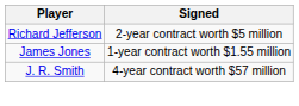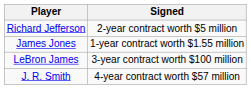 <table class="wikitable sortable sortable">
 <tr>
 <th>Player</th>
 <th>Signed</th>
 </tr>
 <tr style="text-align: center">
 <td><a href='#'>Richard Jefferson</a></td>
 <td>2-year contract worth $5 million</td>
 </tr>
 <tr style="text-align: center">
 <td><a href='#'>James Jones</a></td>
 <td>1-year contract worth $1.55 million</td>
 </tr>
 <tr style="text-align: center">
+<td><a href='#'>LeBron James</a></td>
+<td>3-year contract worth $100 million</td>
+</tr>
+<tr style="text-align: center">
 <td><a href='#'>J. R. Smith</a></td>
 <td>4-year contract worth $57 million</td>
 </tr>
 </table>
